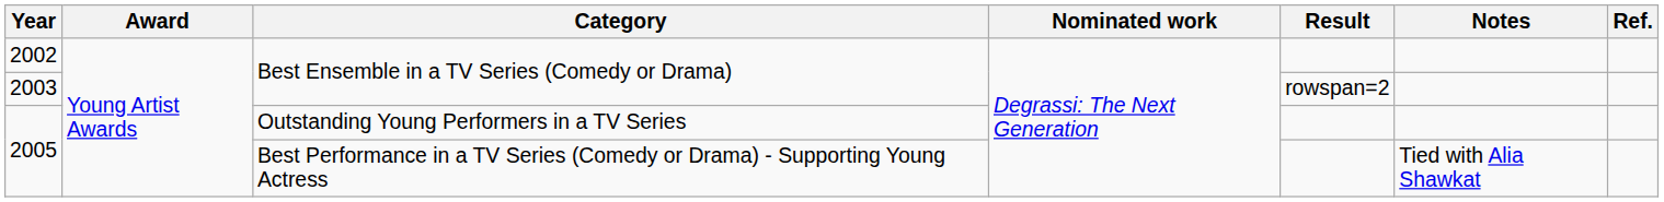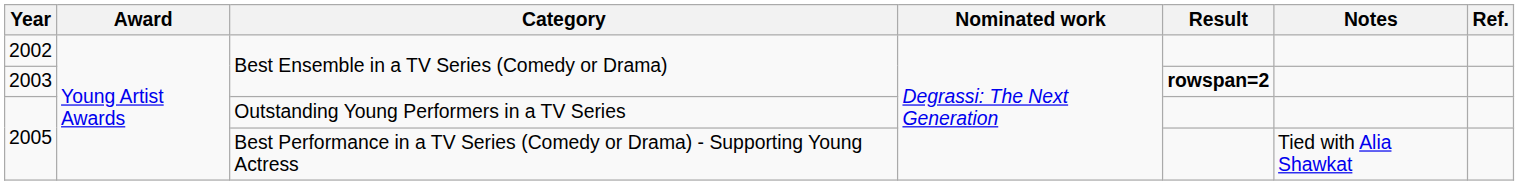 <table class="wikitable">
 <tr>
 <th>Year</th>
 <th>Award</th>
 <th>Category</th>
 <th>Nominated work</th>
 <th>Result</th>
 <th>Notes</th>
 <th>Ref.</th>
 </tr>
 <tr>
 <td>2002</td>
 <td rowspan=4><a href='#'>Young Artist Awards</a></td>
 <td rowspan=2>Best Ensemble in a TV Series (Comedy or Drama)</td>
 <td rowspan=4><em><a href='#'>Degrassi: The Next Generation</a></em></td>
 <td></td>
 <td></td>
 <td></td>
 </tr>
 <tr>
 <td>2003</td>
-<td>rowspan=2 </td>
+<td><strong>rowspan=2 </strong></td>
 <td></td>
 <td></td>
 </tr>
 <tr>
 <td rowspan=2>2005</td>
 <td>Outstanding Young Performers in a TV Series</td>
 <td></td>
 <td></td>
 </tr>
 <tr>
 <td>Best Performance in a TV Series (Comedy or Drama) - Supporting Young Actress</td>
 <td></td>
 <td>Tied with <a href='#'>Alia Shawkat</a></td>
 <td></td>
 </tr>
 </table>
